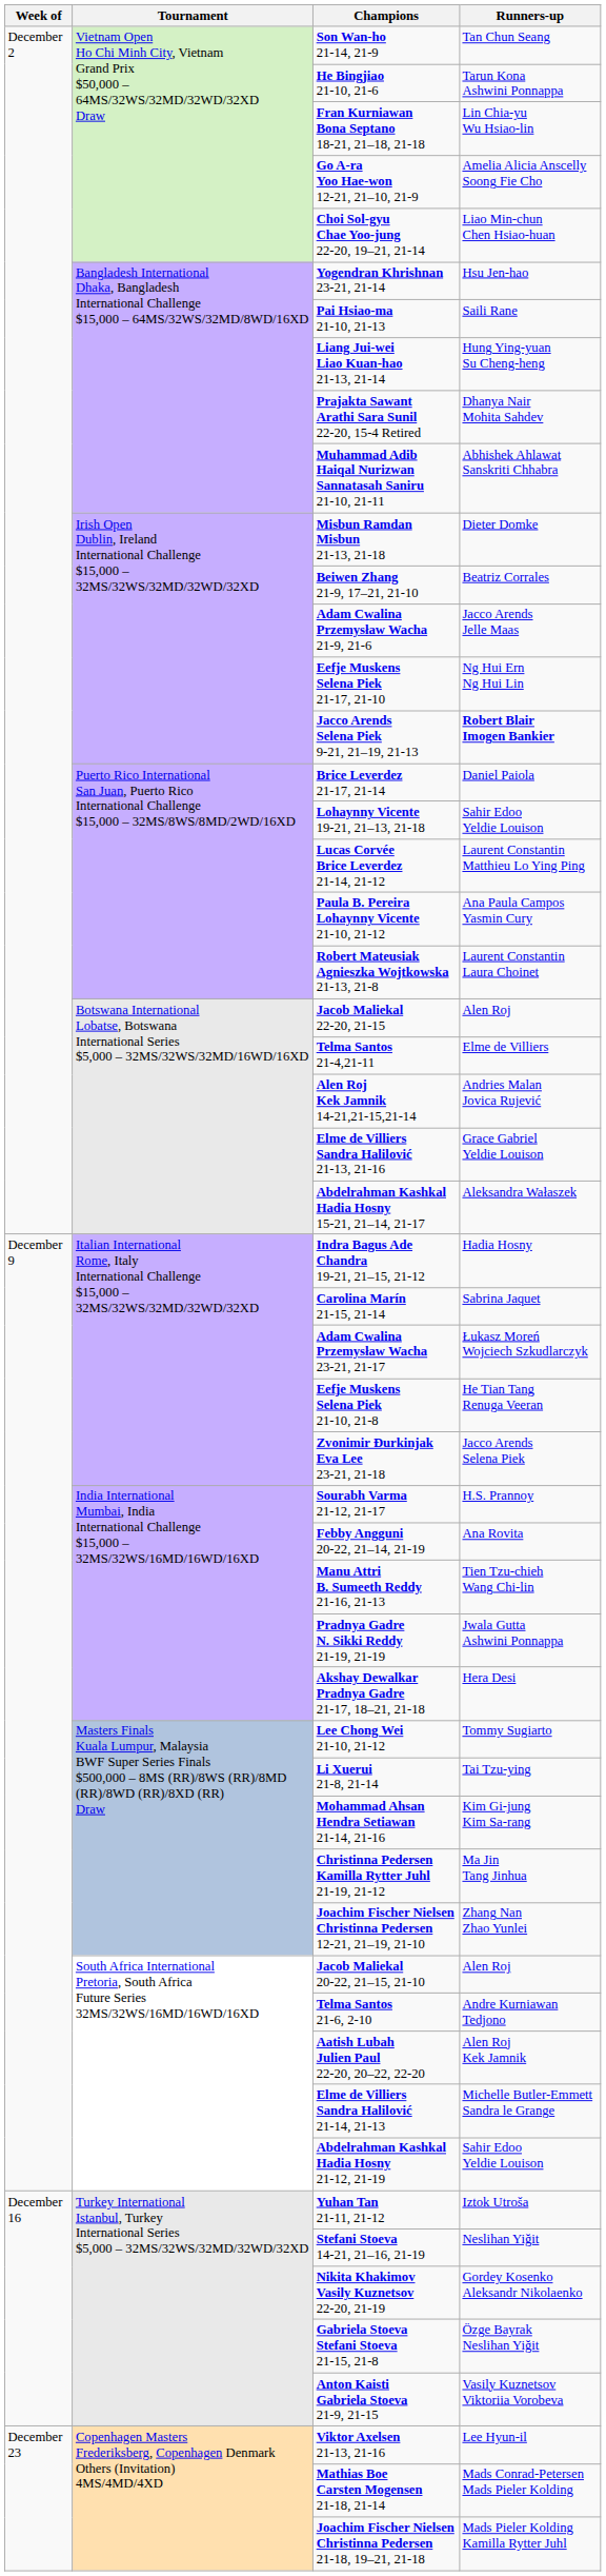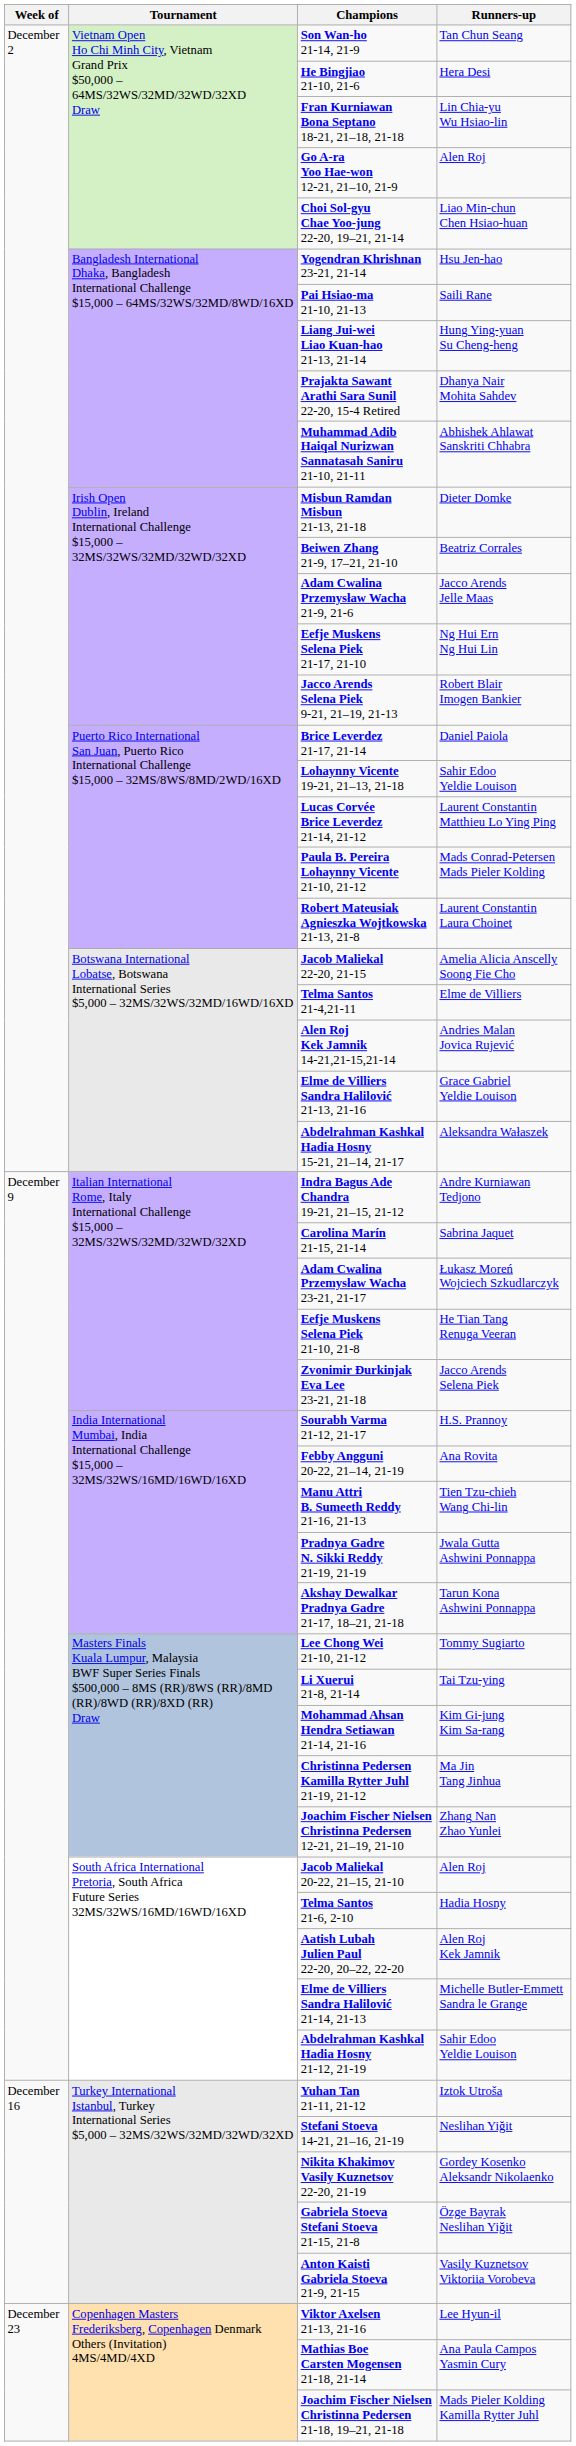 <table class=wikitable style=font-size:85%>
 <tr>
 <th width=75>Week of</th>
 <th width=330>Tournament</th>
 <th width=250>Champions</th>
 <th width=250>Runners-up</th>
 </tr>
 <tr valign=top>
 <td rowspan=25>December 2</td>
 <td style="background:#D4F1C5;" rowspan="5"><a href='#'>Vietnam Open</a><br><a href='#'>Ho Chi Minh City</a>, Vietnam<br>Grand Prix<br>$50,000 – 64MS/32WS/32MD/32WD/32XD<br><a href='#'>Draw</a></td>
 <td> <strong><a href='#'>Son Wan-ho</a></strong><br>21-14, 21-9</td>
 <td> <a href='#'>Tan Chun Seang</a></td>
 </tr>
 <tr valign=top>
 <td> <strong><a href='#'>He Bingjiao</a></strong><br>21-10, 21-6</td>
-<td> <a href='#'>Tarun Kona</a><br> <a href='#'>Ashwini Ponnappa</a></td>
+<td> <a href='#'>Hera Desi</a></td>
 </tr>
 <tr valign=top>
 <td> <strong><a href='#'>Fran Kurniawan</a><br> <a href='#'>Bona Septano</a></strong><br>18-21, 21–18, 21-18</td>
 <td> <a href='#'>Lin Chia-yu</a><br> <a href='#'>Wu Hsiao-lin</a></td>
 </tr>
 <tr valign=top>
 <td> <strong><a href='#'>Go A-ra</a><br> <a href='#'>Yoo Hae-won</a></strong><br>12-21, 21–10, 21-9</td>
-<td> <a href='#'>Amelia Alicia Anscelly</a><br> <a href='#'>Soong Fie Cho</a></td>
+<td> <a href='#'>Alen Roj</a></td>
 </tr>
 <tr valign=top>
 <td> <strong><a href='#'>Choi Sol-gyu</a><br> <a href='#'>Chae Yoo-jung</a></strong><br>22-20, 19–21, 21-14</td>
 <td> <a href='#'>Liao Min-chun</a><br> <a href='#'>Chen Hsiao-huan</a></td>
 </tr>
 <tr valign=top>
 <td style="background:#C6AEFF;" rowspan="5"><a href='#'>Bangladesh International</a><br><a href='#'>Dhaka</a>, Bangladesh<br>International Challenge<br>$15,000 – 64MS/32WS/32MD/8WD/16XD</td>
 <td> <strong><a href='#'>Yogendran Khrishnan</a></strong><br>23-21, 21-14</td>
 <td> <a href='#'>Hsu Jen-hao</a></td>
 </tr>
 <tr valign=top>
 <td> <strong><a href='#'>Pai Hsiao-ma</a></strong><br>21-10, 21-13</td>
 <td> <a href='#'>Saili Rane</a></td>
 </tr>
 <tr valign=top>
 <td> <strong><a href='#'>Liang Jui-wei</a><br> <a href='#'>Liao Kuan-hao</a></strong><br>21-13, 21-14</td>
 <td> <a href='#'>Hung Ying-yuan</a><br> <a href='#'>Su Cheng-heng</a></td>
 </tr>
 <tr valign=top>
 <td> <strong><a href='#'>Prajakta Sawant</a><br> <a href='#'>Arathi Sara Sunil</a></strong><br>22-20, 15-4 Retired</td>
 <td> <a href='#'>Dhanya Nair</a><br> <a href='#'>Mohita Sahdev</a></td>
 </tr>
 <tr valign=top>
 <td> <strong><a href='#'>Muhammad Adib Haiqal Nurizwan</a><br> <a href='#'>Sannatasah Saniru</a></strong><br>21-10, 21-11</td>
 <td> <a href='#'>Abhishek Ahlawat</a><br> <a href='#'>Sanskriti Chhabra</a></td>
 </tr>
 <tr valign=top>
 <td style="background:#C6AEFF;" rowspan="5"><a href='#'>Irish Open</a><br><a href='#'>Dublin</a>, Ireland<br>International Challenge<br>$15,000 – 32MS/32WS/32MD/32WD/32XD</td>
 <td> <strong><a href='#'>Misbun Ramdan Misbun</a></strong><br>21-13, 21-18</td>
 <td> <a href='#'>Dieter Domke</a></td>
 </tr>
 <tr valign=top>
 <td> <strong><a href='#'>Beiwen Zhang</a></strong><br>21-9, 17–21, 21-10</td>
 <td> <a href='#'>Beatriz Corrales</a></td>
 </tr>
 <tr valign=top>
 <td> <strong><a href='#'>Adam Cwalina</a><br> <a href='#'>Przemysław Wacha</a></strong><br>21-9, 21-6</td>
 <td> <a href='#'>Jacco Arends</a><br> <a href='#'>Jelle Maas</a></td>
 </tr>
 <tr valign=top>
 <td> <strong><a href='#'>Eefje Muskens</a><br> <a href='#'>Selena Piek</a></strong><br>21-17, 21-10</td>
 <td> <a href='#'>Ng Hui Ern</a><br> <a href='#'>Ng Hui Lin</a></td>
 </tr>
 <tr valign=top>
 <td> <strong><a href='#'>Jacco Arends</a><br> <a href='#'>Selena Piek</a></strong><br>9-21, 21–19, 21-13</td>
-<td><strong> <a href='#'>Robert Blair</a><br> <a href='#'>Imogen Bankier</a></strong></td>
+<td> <a href='#'>Robert Blair</a><br> <a href='#'>Imogen Bankier</a></td>
 </tr>
 <tr valign=top>
 <td style="background:#C6AEFF;" rowspan="5"><a href='#'>Puerto Rico International</a><br><a href='#'>San Juan</a>, Puerto Rico<br>International Challenge<br>$15,000 – 32MS/8WS/8MD/2WD/16XD</td>
 <td> <strong><a href='#'>Brice Leverdez</a></strong><br>21-17, 21-14</td>
 <td> <a href='#'>Daniel Paiola</a></td>
 </tr>
 <tr valign=top>
 <td> <strong><a href='#'>Lohaynny Vicente</a></strong><br>19-21, 21–13, 21-18</td>
 <td> <a href='#'>Sahir Edoo</a><br> <a href='#'>Yeldie Louison</a></td>
 </tr>
 <tr valign=top>
 <td> <strong><a href='#'>Lucas Corvée</a><br> <a href='#'>Brice Leverdez</a></strong><br>21-14, 21-12</td>
 <td> <a href='#'>Laurent Constantin</a><br> <a href='#'>Matthieu Lo Ying Ping</a></td>
 </tr>
 <tr valign=top>
 <td> <strong><a href='#'>Paula B. Pereira</a><br> <a href='#'>Lohaynny Vicente</a></strong><br>21-10, 21-12</td>
-<td> <a href='#'>Ana Paula Campos</a><br> <a href='#'>Yasmin Cury</a></td>
+<td> <a href='#'>Mads Conrad-Petersen</a><br> <a href='#'>Mads Pieler Kolding</a></td>
 </tr>
 <tr valign=top>
 <td> <strong><a href='#'>Robert Mateusiak</a><br> <a href='#'>Agnieszka Wojtkowska</a></strong><br>21-13, 21-8</td>
 <td> <a href='#'>Laurent Constantin</a><br> <a href='#'>Laura Choinet</a></td>
 </tr>
 <tr valign=top>
 <td style="background:#E9E9E9;" rowspan="5"><a href='#'>Botswana International</a><br> <a href='#'>Lobatse</a>, Botswana<br>International Series<br>$5,000 – 32MS/32WS/32MD/16WD/16XD</td>
 <td> <strong><a href='#'>Jacob Maliekal</a></strong><br>22-20, 21-15</td>
-<td> <a href='#'>Alen Roj</a></td>
+<td> <a href='#'>Amelia Alicia Anscelly</a><br> <a href='#'>Soong Fie Cho</a></td>
 </tr>
 <tr valign=top>
 <td> <strong><a href='#'>Telma Santos</a></strong><br>21-4,21-11</td>
 <td> <a href='#'>Elme de Villiers</a></td>
 </tr>
 <tr valign=top>
 <td> <strong><a href='#'>Alen Roj</a><br> <a href='#'>Kek Jamnik</a></strong><br>14-21,21-15,21-14</td>
 <td> <a href='#'>Andries Malan</a><br> <a href='#'>Jovica Rujević</a></td>
 </tr>
 <tr valign=top>
 <td> <strong><a href='#'>Elme de Villiers</a><br> <a href='#'>Sandra Halilović</a></strong><br>21-13, 21-16</td>
 <td> <a href='#'>Grace Gabriel</a><br> <a href='#'>Yeldie Louison</a></td>
 </tr>
 <tr valign=top>
 <td> <strong><a href='#'>Abdelrahman Kashkal</a><br> <a href='#'>Hadia Hosny</a></strong><br>15-21, 21–14, 21-17</td>
 <td> <a href='#'>Aleksandra Wałaszek</a></td>
 </tr>
 <tr valign=top>
 <td rowspan=20>December 9</td>
 <td style="background:#C6AEFF;" rowspan="5"><a href='#'>Italian International</a><br> <a href='#'>Rome</a>, Italy<br>International Challenge<br>$15,000 – 32MS/32WS/32MD/32WD/32XD</td>
 <td> <strong><a href='#'>Indra Bagus Ade Chandra</a></strong><br>19-21, 21–15, 21-12</td>
-<td> <a href='#'>Hadia Hosny</a></td>
+<td> <a href='#'>Andre Kurniawan Tedjono</a></td>
 </tr>
 <tr valign=top>
 <td> <strong><a href='#'>Carolina Marín</a></strong><br>21-15, 21-14</td>
 <td> <a href='#'>Sabrina Jaquet</a></td>
 </tr>
 <tr valign=top>
 <td> <strong><a href='#'>Adam Cwalina</a><br> <a href='#'>Przemysław Wacha</a></strong><br>23-21, 21-17</td>
 <td> <a href='#'>Łukasz Moreń</a><br> <a href='#'>Wojciech Szkudlarczyk</a></td>
 </tr>
 <tr valign=top>
 <td> <strong><a href='#'>Eefje Muskens</a><br> <a href='#'>Selena Piek</a></strong><br>21-10, 21-8</td>
 <td> <a href='#'>He Tian Tang</a><br> <a href='#'>Renuga Veeran</a></td>
 </tr>
 <tr valign=top>
 <td> <strong><a href='#'>Zvonimir Đurkinjak</a><br> <a href='#'>Eva Lee</a></strong><br>23-21, 21-18</td>
 <td> <a href='#'>Jacco Arends</a><br> <a href='#'>Selena Piek</a></td>
 </tr>
 <tr valign=top>
 <td style="background:#C6AEFF;" rowspan="5"><a href='#'>India International</a><br> <a href='#'>Mumbai</a>, India<br>International Challenge<br>$15,000 – 32MS/32WS/16MD/16WD/16XD</td>
 <td> <strong><a href='#'>Sourabh Varma</a></strong><br>21-12, 21-17</td>
 <td> <a href='#'>H.S. Prannoy</a></td>
 </tr>
 <tr valign=top>
 <td> <strong><a href='#'>Febby Angguni</a></strong><br>20-22, 21–14, 21-19</td>
 <td> <a href='#'>Ana Rovita</a></td>
 </tr>
 <tr valign=top>
 <td> <strong><a href='#'>Manu Attri</a><br> <a href='#'>B. Sumeeth Reddy</a></strong><br>21-16, 21-13</td>
 <td> <a href='#'>Tien Tzu-chieh</a><br> <a href='#'>Wang Chi-lin</a></td>
 </tr>
 <tr valign=top>
 <td> <strong><a href='#'>Pradnya Gadre</a><br> <a href='#'>N. Sikki Reddy</a></strong><br>21-19, 21-19</td>
 <td> <a href='#'>Jwala Gutta</a><br> <a href='#'>Ashwini Ponnappa</a></td>
 </tr>
 <tr valign=top>
 <td> <strong><a href='#'>Akshay Dewalkar</a><br> <a href='#'>Pradnya Gadre</a></strong><br>21-17, 18–21, 21-18</td>
-<td> <a href='#'>Hera Desi</a></td>
+<td> <a href='#'>Tarun Kona</a><br> <a href='#'>Ashwini Ponnappa</a></td>
 </tr>
 <tr valign=top>
 <td style="background:#B0C4DE;" rowspan="5"><a href='#'>Masters Finals</a><br> <a href='#'>Kuala Lumpur</a>, Malaysia<br>BWF Super Series Finals<br>$500,000 – 8MS (RR)/8WS (RR)/8MD (RR)/8WD (RR)/8XD (RR)<br><a href='#'>Draw</a></td>
 <td> <strong><a href='#'>Lee Chong Wei</a></strong><br>21-10, 21-12</td>
 <td> <a href='#'>Tommy Sugiarto</a></td>
 </tr>
 <tr valign=top>
 <td> <strong><a href='#'>Li Xuerui</a></strong><br>21-8, 21-14</td>
 <td> <a href='#'>Tai Tzu-ying</a></td>
 </tr>
 <tr valign=top>
 <td> <strong><a href='#'>Mohammad Ahsan</a><br> <a href='#'>Hendra Setiawan</a></strong><br>21-14, 21-16</td>
 <td> <a href='#'>Kim Gi-jung</a><br> <a href='#'>Kim Sa-rang</a></td>
 </tr>
 <tr valign=top>
 <td> <strong><a href='#'>Christinna Pedersen</a><br> <a href='#'>Kamilla Rytter Juhl</a></strong><br>21-19, 21-12</td>
 <td> <a href='#'>Ma Jin</a><br> <a href='#'>Tang Jinhua</a></td>
 </tr>
 <tr valign=top>
 <td> <strong><a href='#'>Joachim Fischer Nielsen</a><br> <a href='#'>Christinna Pedersen</a></strong><br>12-21, 21–19, 21-10</td>
 <td> <a href='#'>Zhang Nan</a><br> <a href='#'>Zhao Yunlei</a></td>
 </tr>
 <tr valign=top>
 <td style="background:#ffffff;" rowspan="5"><a href='#'>South Africa International</a><br><a href='#'>Pretoria</a>, South Africa<br>Future Series<br>32MS/32WS/16MD/16WD/16XD</td>
 <td> <strong><a href='#'>Jacob Maliekal</a></strong><br>20-22, 21–15, 21-10</td>
 <td> <a href='#'>Alen Roj</a></td>
 </tr>
 <tr valign=top>
 <td> <strong><a href='#'>Telma Santos</a></strong><br>21-6, 2-10</td>
-<td> <a href='#'>Andre Kurniawan Tedjono</a></td>
+<td> <a href='#'>Hadia Hosny</a></td>
 </tr>
 <tr valign=top>
 <td> <strong><a href='#'>Aatish Lubah</a><br> <a href='#'>Julien Paul</a></strong><br>22-20, 20–22, 22-20</td>
 <td> <a href='#'>Alen Roj</a><br> <a href='#'>Kek Jamnik</a></td>
 </tr>
 <tr valign=top>
 <td> <strong><a href='#'>Elme de Villiers</a><br> <a href='#'>Sandra Halilović</a></strong><br>21-14, 21-13</td>
 <td> <a href='#'>Michelle Butler-Emmett</a><br> <a href='#'>Sandra le Grange</a></td>
 </tr>
 <tr valign=top>
 <td> <strong><a href='#'>Abdelrahman Kashkal</a><br> <a href='#'>Hadia Hosny</a></strong><br>21-12, 21-19</td>
 <td> <a href='#'>Sahir Edoo</a><br> <a href='#'>Yeldie Louison</a></td>
 </tr>
 <tr valign=top>
 <td rowspan=5>December 16</td>
 <td style="background:#E9E9E9;" rowspan="5"><a href='#'>Turkey International</a><br> <a href='#'>Istanbul</a>, Turkey <br> International Series <br>$5,000 – 32MS/32WS/32MD/32WD/32XD</td>
 <td> <strong><a href='#'>Yuhan Tan</a></strong><br>21-11, 21-12</td>
 <td> <a href='#'>Iztok Utroša</a></td>
 </tr>
 <tr valign=top>
 <td> <strong><a href='#'>Stefani Stoeva</a></strong><br>14-21, 21–16, 21-19</td>
 <td> <a href='#'>Neslihan Yiğit</a></td>
 </tr>
 <tr valign=top>
 <td> <strong><a href='#'>Nikita Khakimov</a><br> <a href='#'>Vasily Kuznetsov</a></strong><br>22-20, 21-19</td>
 <td> <a href='#'>Gordey Kosenko</a><br> <a href='#'>Aleksandr Nikolaenko</a></td>
 </tr>
 <tr valign=top>
 <td> <strong><a href='#'>Gabriela Stoeva</a><br> <a href='#'>Stefani Stoeva</a></strong><br>21-15, 21-8</td>
 <td> <a href='#'>Özge Bayrak</a><br> <a href='#'>Neslihan Yiğit</a></td>
 </tr>
 <tr valign=top>
 <td> <strong><a href='#'>Anton Kaisti</a><br> <a href='#'>Gabriela Stoeva</a></strong><br>21-9, 21-15</td>
 <td> <a href='#'>Vasily Kuznetsov</a><br> <a href='#'>Viktoriia Vorobeva</a></td>
 </tr>
 <tr valign=top>
 <td rowspan=3>December 23</td>
 <td style="background:#FFE0AF;" rowspan="3"><a href='#'>Copenhagen Masters</a><br><a href='#'>Frederiksberg</a>, <a href='#'>Copenhagen</a> Denmark<br>Others (Invitation)<br>4MS/4MD/4XD</td>
 <td> <strong><a href='#'>Viktor Axelsen</a></strong><br>21-13, 21-16</td>
 <td> <a href='#'>Lee Hyun-il</a></td>
 </tr>
 <tr valign=top>
 <td> <strong><a href='#'>Mathias Boe</a><br> <a href='#'>Carsten Mogensen</a></strong><br>21-18, 21-14</td>
-<td> <a href='#'>Mads Conrad-Petersen</a><br> <a href='#'>Mads Pieler Kolding</a></td>
+<td> <a href='#'>Ana Paula Campos</a><br> <a href='#'>Yasmin Cury</a></td>
 </tr>
 <tr valign=top>
 <td> <strong><a href='#'>Joachim Fischer Nielsen</a><br> <a href='#'>Christinna Pedersen</a></strong><br>21-18, 19–21, 21-18</td>
 <td> <a href='#'>Mads Pieler Kolding</a><br> <a href='#'>Kamilla Rytter Juhl</a></td>
 </tr>
 </table>
